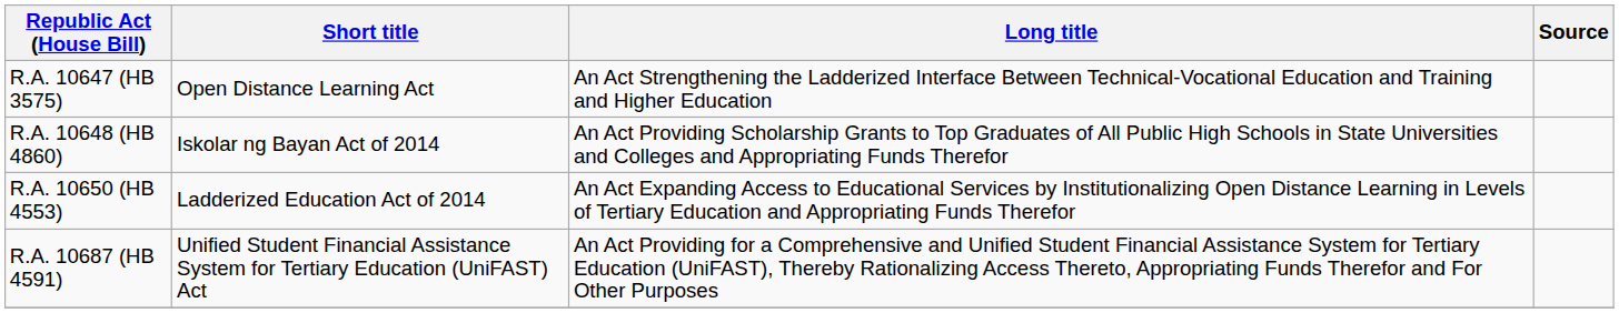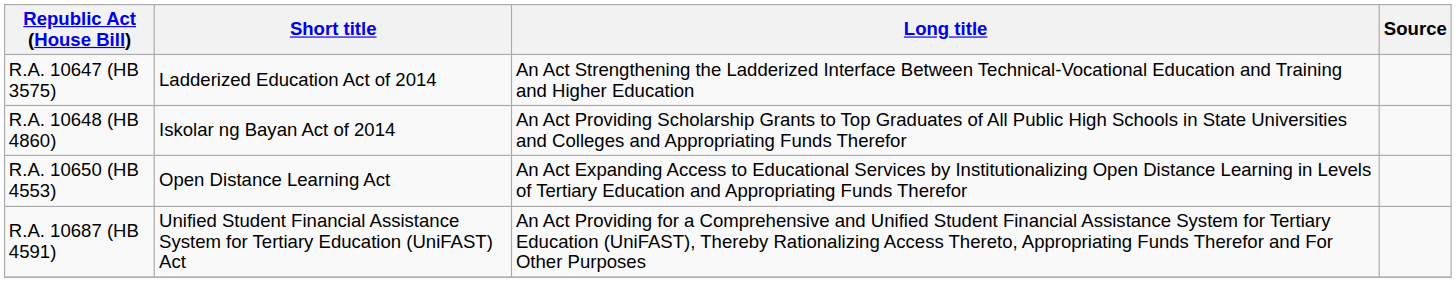 <table class="wikitable">
 <tr>
 <th><a href='#'>Republic Act</a> (<a href='#'>House Bill</a>)</th>
 <th><a href='#'>Short title</a></th>
 <th><a href='#'>Long title</a></th>
 <th>Source</th>
 </tr>
 <tr>
 <td>R.A. 10647 (HB 3575)</td>
-<td>Open Distance Learning Act</td>
+<td>Ladderized Education Act of 2014</td>
 <td>An Act Strengthening the Ladderized Interface Between Technical-Vocational Education and Training and Higher Education</td>
 <td></td>
 </tr>
 <tr>
 <td>R.A. 10648 (HB 4860)</td>
 <td>Iskolar ng Bayan Act of 2014</td>
 <td>An Act Providing Scholarship Grants to Top Graduates of All Public High Schools in State Universities and Colleges and Appropriating Funds Therefor</td>
 <td></td>
 </tr>
 <tr>
 <td>R.A. 10650 (HB 4553)</td>
-<td>Ladderized Education Act of 2014</td>
+<td>Open Distance Learning Act</td>
 <td>An Act Expanding Access to Educational Services by Institutionalizing Open Distance Learning in Levels of Tertiary Education and Appropriating Funds Therefor</td>
 <td></td>
 </tr>
 <tr>
 <td>R.A. 10687 (HB 4591)</td>
 <td>Unified Student Financial Assistance System for Tertiary Education (UniFAST) Act</td>
 <td>An Act Providing for a Comprehensive and Unified Student Financial Assistance System for Tertiary Education (UniFAST), Thereby Rationalizing Access Thereto, Appropriating Funds Therefor and For Other Purposes</td>
 <td></td>
 </tr>
 <tr>
 </tr>
 </table>
